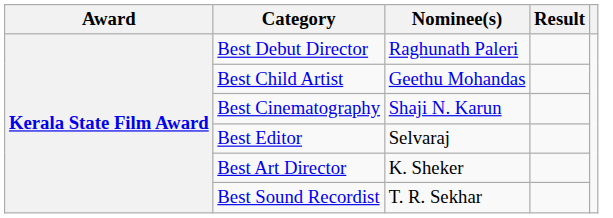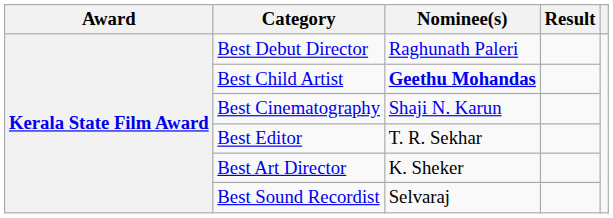 <table class="wikitable plainrowheaders sortable">
 <tr>
 <th scope="col" class="unsortable">Award</th>
 <th scope="col" class="unsortable">Category</th>
 <th scope="col" class="unsortable">Nominee(s)</th>
 <th scope="col" class="unsortable">Result</th>
 <th scope="col" class="unsortable"></th>
 </tr>
 <tr>
 <th scope="row" rowspan="6"><a href='#'>Kerala State Film Award</a></th>
 <td><a href='#'>Best Debut Director</a></td>
 <td><a href='#'>Raghunath Paleri</a></td>
 <td></td>
 <td style="text-align:center;"  rowspan="6"></td>
 </tr>
 <tr>
 <td><a href='#'>Best Child Artist</a></td>
-<td><a href='#'>Geethu Mohandas</a></td>
+<td><strong><a href='#'>Geethu Mohandas</a></strong></td>
 <td></td>
 </tr>
 <tr>
 <td><a href='#'>Best Cinematography</a></td>
 <td><a href='#'>Shaji N. Karun</a></td>
 <td></td>
 </tr>
 <tr>
 <td><a href='#'>Best Editor</a></td>
-<td>Selvaraj</td>
+<td>T. R. Sekhar</td>
 <td></td>
 </tr>
 <tr>
 <td><a href='#'>Best Art Director</a></td>
 <td>K. Sheker</td>
 <td></td>
 </tr>
 <tr>
 <td><a href='#'>Best Sound Recordist</a></td>
-<td>T. R. Sekhar</td>
+<td>Selvaraj</td>
 <td></td>
 </tr>
 </table>
